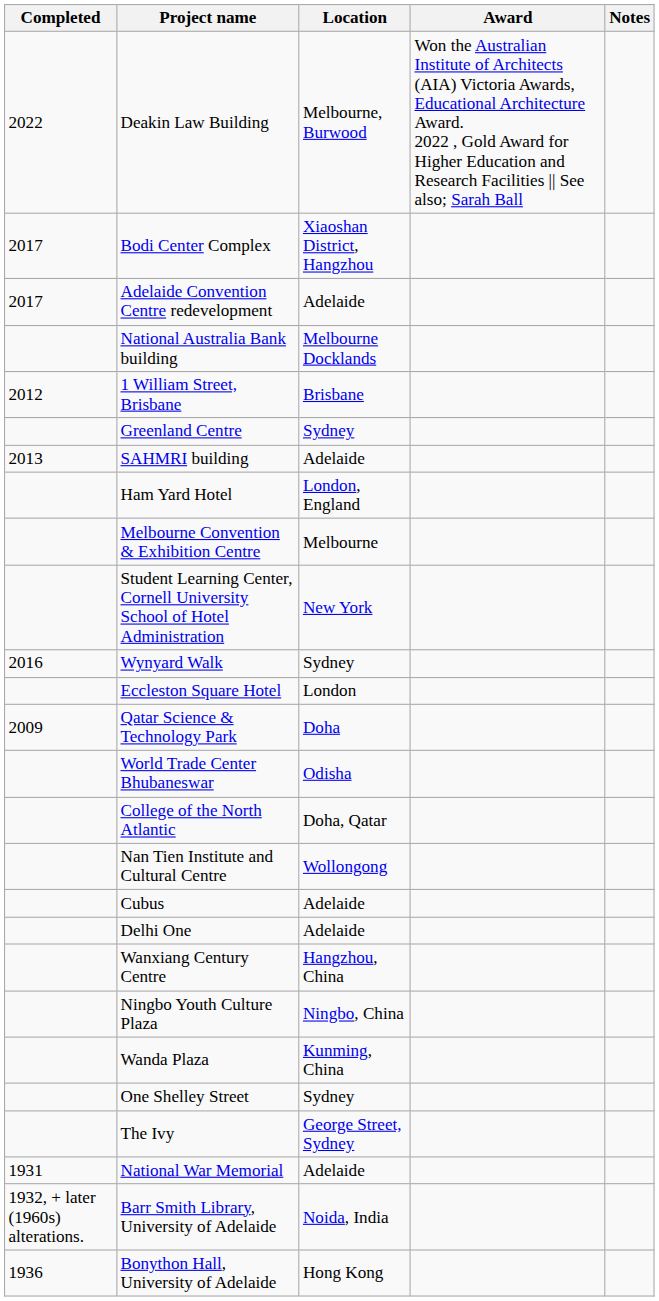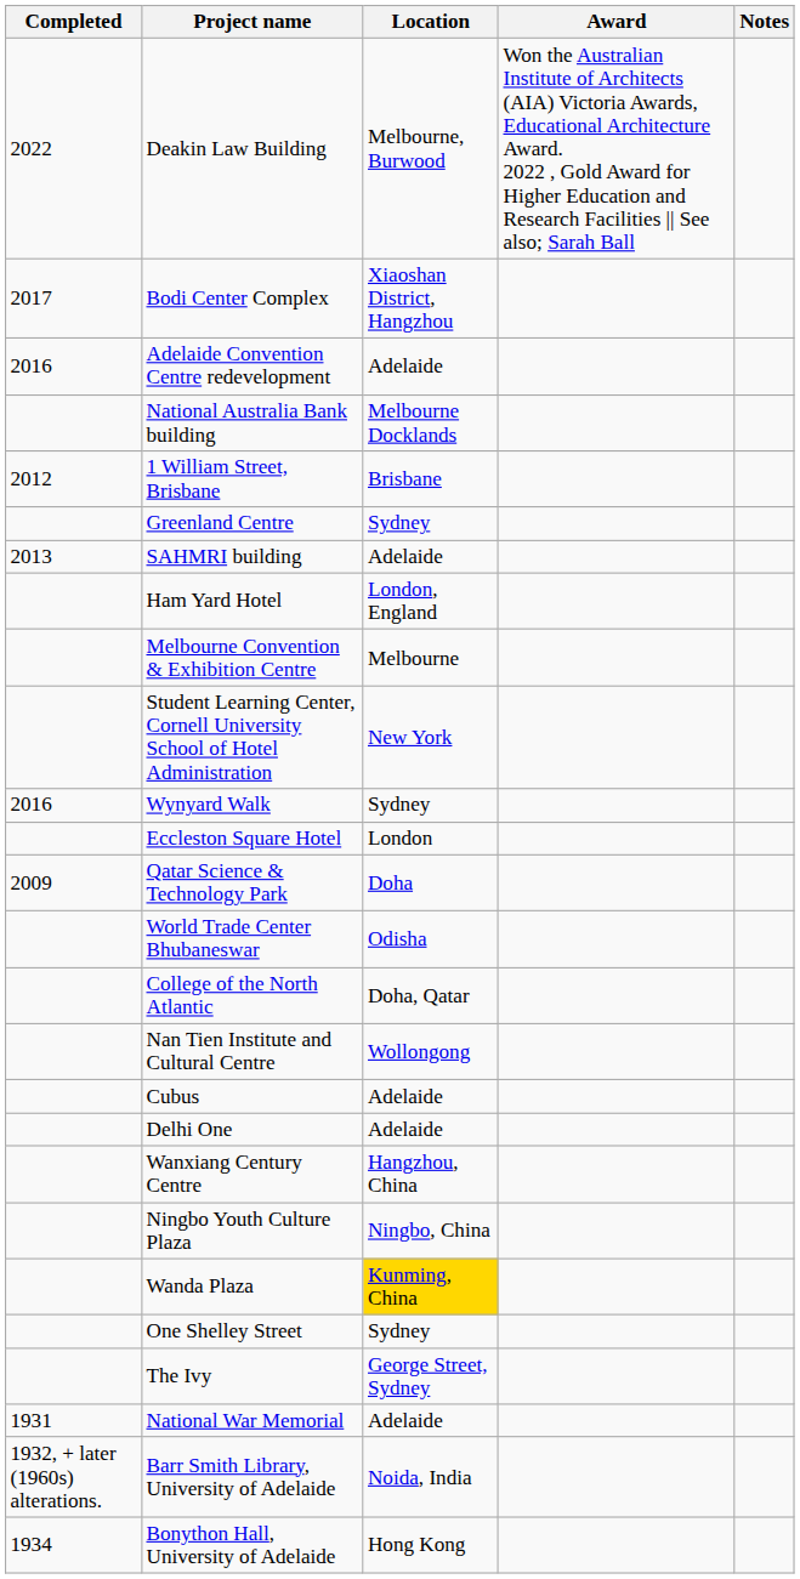 <table class="wikitable sortable">
 <tr>
 <th>Completed</th>
 <th>Project name</th>
 <th>Location</th>
 <th>Award</th>
 <th>Notes</th>
 </tr>
 <tr>
 <td>2022</td>
 <td>Deakin Law Building</td>
 <td>Melbourne, <a href='#'>Burwood</a></td>
 <td>Won the <a href='#'>Australian Institute of Architects</a> (AIA) Victoria Awards, <a href='#'>Educational Architecture</a> Award.  <br>2022 , Gold Award for Higher Education and Research Facilities || See also; <a href='#'>Sarah Ball</a></td>
 </tr>
 <tr>
 <td>2017</td>
 <td><a href='#'>Bodi Center</a> Complex</td>
 <td><a href='#'>Xiaoshan District</a>, <a href='#'>Hangzhou</a></td>
 <td></td>
 <td></td>
 </tr>
 <tr>
-<td>2017</td>
+<td>2016</td>
 <td><a href='#'>Adelaide Convention Centre</a> redevelopment</td>
 <td>Adelaide</td>
 <td></td>
 <td></td>
 </tr>
 <tr>
 <td></td>
 <td><a href='#'>National Australia Bank</a> building</td>
 <td><a href='#'>Melbourne Docklands</a></td>
 <td></td>
 <td></td>
 </tr>
 <tr>
 <td>2012</td>
 <td><a href='#'>1 William Street, Brisbane</a></td>
 <td><a href='#'>Brisbane</a></td>
 <td></td>
 <td></td>
 </tr>
 <tr>
 <td></td>
 <td><a href='#'>Greenland Centre</a></td>
 <td><a href='#'>Sydney</a></td>
 <td></td>
 <td></td>
 </tr>
 <tr>
 <td>2013</td>
 <td><a href='#'>SAHMRI</a> building</td>
 <td>Adelaide</td>
 <td></td>
 <td></td>
 </tr>
 <tr>
 <td></td>
 <td>Ham Yard Hotel</td>
 <td><a href='#'>London</a>, England</td>
 <td></td>
 <td></td>
 </tr>
 <tr>
 <td></td>
 <td><a href='#'>Melbourne Convention & Exhibition Centre</a></td>
 <td>Melbourne</td>
 <td></td>
 <td></td>
 </tr>
 <tr>
 <td></td>
 <td>Student Learning Center, <a href='#'>Cornell University School of Hotel Administration</a></td>
 <td><a href='#'>New York</a></td>
 <td></td>
 <td></td>
 </tr>
 <tr>
 <td>2016</td>
 <td><a href='#'>Wynyard Walk</a></td>
 <td>Sydney</td>
 <td></td>
 <td></td>
 </tr>
 <tr>
 <td></td>
 <td><a href='#'>Eccleston Square Hotel</a></td>
 <td>London</td>
 <td></td>
 <td></td>
 </tr>
 <tr>
 <td>2009</td>
 <td><a href='#'>Qatar Science & Technology Park</a></td>
 <td><a href='#'>Doha</a></td>
 <td></td>
 <td></td>
 </tr>
 <tr>
 <td></td>
 <td><a href='#'>World Trade Center Bhubaneswar</a></td>
 <td><a href='#'>Odisha</a></td>
 <td></td>
 <td></td>
 </tr>
 <tr>
 <td></td>
 <td><a href='#'>College of the North Atlantic</a></td>
 <td>Doha, Qatar</td>
 <td></td>
 <td></td>
 </tr>
 <tr>
 <td></td>
 <td>Nan Tien Institute and Cultural Centre</td>
 <td><a href='#'>Wollongong</a></td>
 <td></td>
 <td></td>
 </tr>
 <tr>
 <td></td>
 <td>Cubus</td>
 <td>Adelaide</td>
 <td></td>
 <td></td>
 </tr>
 <tr>
 <td></td>
 <td>Delhi One</td>
 <td>Adelaide</td>
 <td></td>
 <td></td>
 </tr>
 <tr>
 <td></td>
 <td>Wanxiang Century Centre</td>
 <td><a href='#'>Hangzhou</a>, China</td>
 <td></td>
 <td></td>
 </tr>
 <tr>
 <td></td>
 <td>Ningbo Youth Culture Plaza</td>
 <td><a href='#'>Ningbo</a>, China</td>
 <td></td>
 <td></td>
 </tr>
 <tr>
 <td></td>
 <td>Wanda Plaza</td>
-<td><a href='#'>Kunming</a>, China</td>
+<td style="background: gold;"><a href='#'>Kunming</a>, China</td>
 <td></td>
 <td></td>
 </tr>
 <tr>
 <td></td>
 <td>One Shelley Street</td>
 <td>Sydney</td>
 <td></td>
 <td></td>
 </tr>
 <tr>
 <td></td>
 <td>The Ivy</td>
 <td><a href='#'>George Street, Sydney</a></td>
 <td></td>
 <td></td>
 </tr>
 <tr>
 <td>1931</td>
 <td><a href='#'>National War Memorial</a></td>
 <td>Adelaide</td>
 <td></td>
 <td></td>
 </tr>
 <tr>
 <td>1932, + later (1960s) alterations.</td>
 <td><a href='#'>Barr Smith Library</a>, University of Adelaide</td>
 <td><a href='#'>Noida</a>, India</td>
 <td></td>
 <td></td>
 </tr>
 <tr>
-<td>1936</td>
+<td>1934</td>
 <td><a href='#'>Bonython Hall</a>, University of Adelaide</td>
 <td>Hong Kong</td>
 <td></td>
 <td></td>
 </tr>
 </table>
